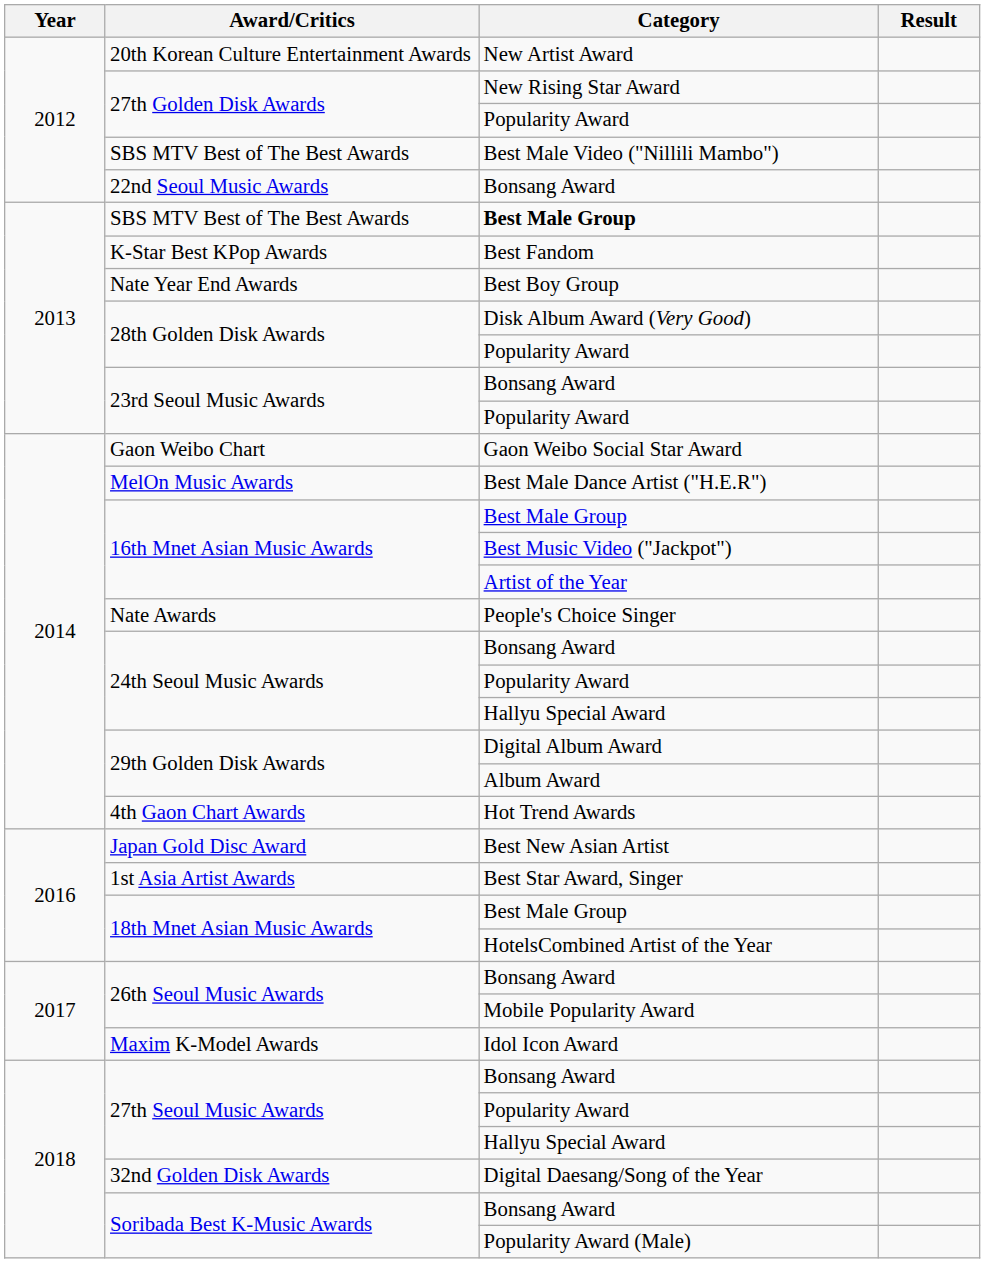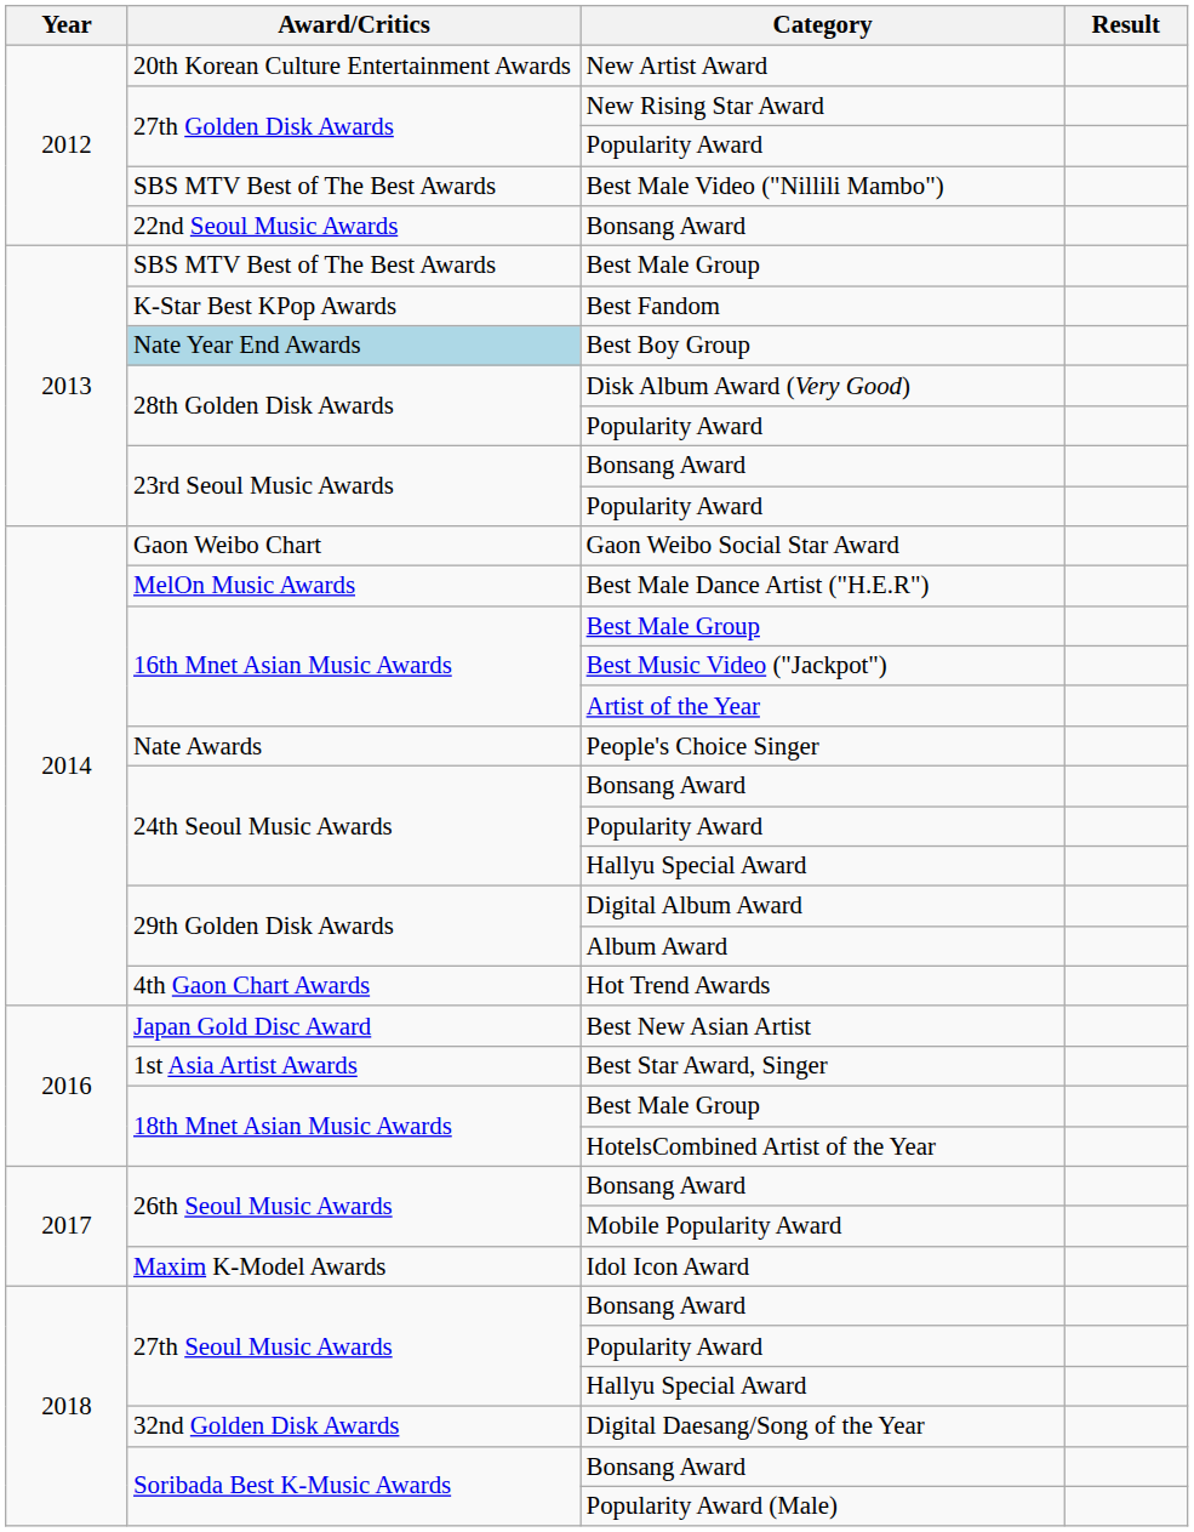 <table class="wikitable">
 <tr>
 <th width="70">Year</th>
 <th width="280">Award/Critics</th>
 <th width="300">Category</th>
 <th width="70">Result</th>
 </tr>
 <tr>
 <td rowspan="5" align="center">2012</td>
 <td>20th Korean Culture Entertainment Awards</td>
 <td>New Artist Award</td>
 <td></td>
 </tr>
 <tr>
 <td rowspan="2">27th <a href='#'>Golden Disk Awards</a></td>
 <td>New Rising Star Award</td>
 <td></td>
 </tr>
 <tr>
 <td>Popularity Award</td>
 <td></td>
 </tr>
 <tr>
 <td>SBS MTV Best of The Best Awards</td>
 <td>Best Male Video ("Nillili Mambo")</td>
 <td></td>
 </tr>
 <tr>
 <td>22nd <a href='#'>Seoul Music Awards</a></td>
 <td>Bonsang Award</td>
 <td></td>
 </tr>
 <tr>
 <td rowspan="7" align="center">2013</td>
 <td>SBS MTV Best of The Best Awards</td>
-<td><strong>Best Male Group</strong></td>
+<td>Best Male Group</td>
 <td></td>
 </tr>
 <tr>
 <td>K-Star Best KPop Awards</td>
 <td>Best Fandom</td>
 <td></td>
 </tr>
 <tr>
-<td>Nate Year End Awards</td>
+<td style="background: lightblue;">Nate Year End Awards</td>
 <td>Best Boy Group</td>
 <td></td>
 </tr>
 <tr>
 <td rowspan="2">28th Golden Disk Awards</td>
 <td>Disk Album Award (<em>Very Good</em>)</td>
 <td></td>
 </tr>
 <tr>
 <td>Popularity Award</td>
 <td></td>
 </tr>
 <tr>
 <td rowspan="2">23rd Seoul Music Awards</td>
 <td>Bonsang Award</td>
 <td></td>
 </tr>
 <tr>
 <td>Popularity Award</td>
 <td></td>
 </tr>
 <tr>
 <td rowspan="12" align="center">2014</td>
 <td>Gaon Weibo Chart</td>
 <td>Gaon Weibo Social Star Award</td>
 <td></td>
 </tr>
 <tr>
 <td><a href='#'>MelOn Music Awards</a></td>
 <td>Best Male Dance Artist ("H.E.R")</td>
 <td></td>
 </tr>
 <tr>
 <td rowspan="3"><a href='#'>16th Mnet Asian Music Awards</a></td>
 <td><a href='#'>Best Male Group</a></td>
 <td></td>
 </tr>
 <tr>
 <td><a href='#'>Best Music Video</a> ("Jackpot")</td>
 <td></td>
 </tr>
 <tr>
 <td><a href='#'>Artist of the Year</a></td>
 <td></td>
 </tr>
 <tr>
 <td>Nate Awards</td>
 <td>People's Choice Singer</td>
 <td></td>
 </tr>
 <tr>
 <td rowspan="3">24th Seoul Music Awards</td>
 <td>Bonsang Award</td>
 <td></td>
 </tr>
 <tr>
 <td>Popularity Award</td>
 <td></td>
 </tr>
 <tr>
 <td>Hallyu Special Award</td>
 <td></td>
 </tr>
 <tr>
 <td rowspan="2">29th Golden Disk Awards</td>
 <td>Digital Album Award</td>
 <td></td>
 </tr>
 <tr>
 <td>Album Award</td>
 <td></td>
 </tr>
 <tr>
 <td>4th <a href='#'>Gaon Chart Awards</a></td>
 <td>Hot Trend Awards</td>
 <td></td>
 </tr>
 <tr>
 <td rowspan="4" align="center">2016</td>
 <td><a href='#'>Japan Gold Disc Award</a></td>
 <td>Best New Asian Artist</td>
 <td></td>
 </tr>
 <tr>
 <td>1st <a href='#'>Asia Artist Awards</a></td>
 <td>Best Star Award, Singer</td>
 <td></td>
 </tr>
 <tr>
 <td rowspan="2"><a href='#'>18th Mnet Asian Music Awards</a></td>
 <td>Best Male Group</td>
 <td></td>
 </tr>
 <tr>
 <td>HotelsCombined Artist of the Year</td>
 <td></td>
 </tr>
 <tr>
 <td rowspan="3" align="center">2017</td>
 <td rowspan="2">26th <a href='#'>Seoul Music Awards</a></td>
 <td>Bonsang Award</td>
 <td></td>
 </tr>
 <tr>
 <td>Mobile Popularity Award</td>
 <td></td>
 </tr>
 <tr>
 <td><a href='#'>Maxim</a> K-Model Awards</td>
 <td>Idol Icon Award</td>
 <td></td>
 </tr>
 <tr>
 <td rowspan="6" align="center">2018</td>
 <td rowspan="3">27th <a href='#'>Seoul Music Awards</a></td>
 <td>Bonsang Award</td>
 <td></td>
 </tr>
 <tr>
 <td>Popularity Award</td>
 <td></td>
 </tr>
 <tr>
 <td>Hallyu Special Award</td>
 <td></td>
 </tr>
 <tr>
 <td>32nd <a href='#'>Golden Disk Awards</a></td>
 <td>Digital Daesang/Song of the Year</td>
 <td></td>
 </tr>
 <tr>
 <td rowspan="2"><a href='#'>Soribada Best K-Music Awards</a></td>
 <td>Bonsang Award</td>
 <td></td>
 </tr>
 <tr>
 <td>Popularity Award (Male)</td>
 <td></td>
 </tr>
 </table>
